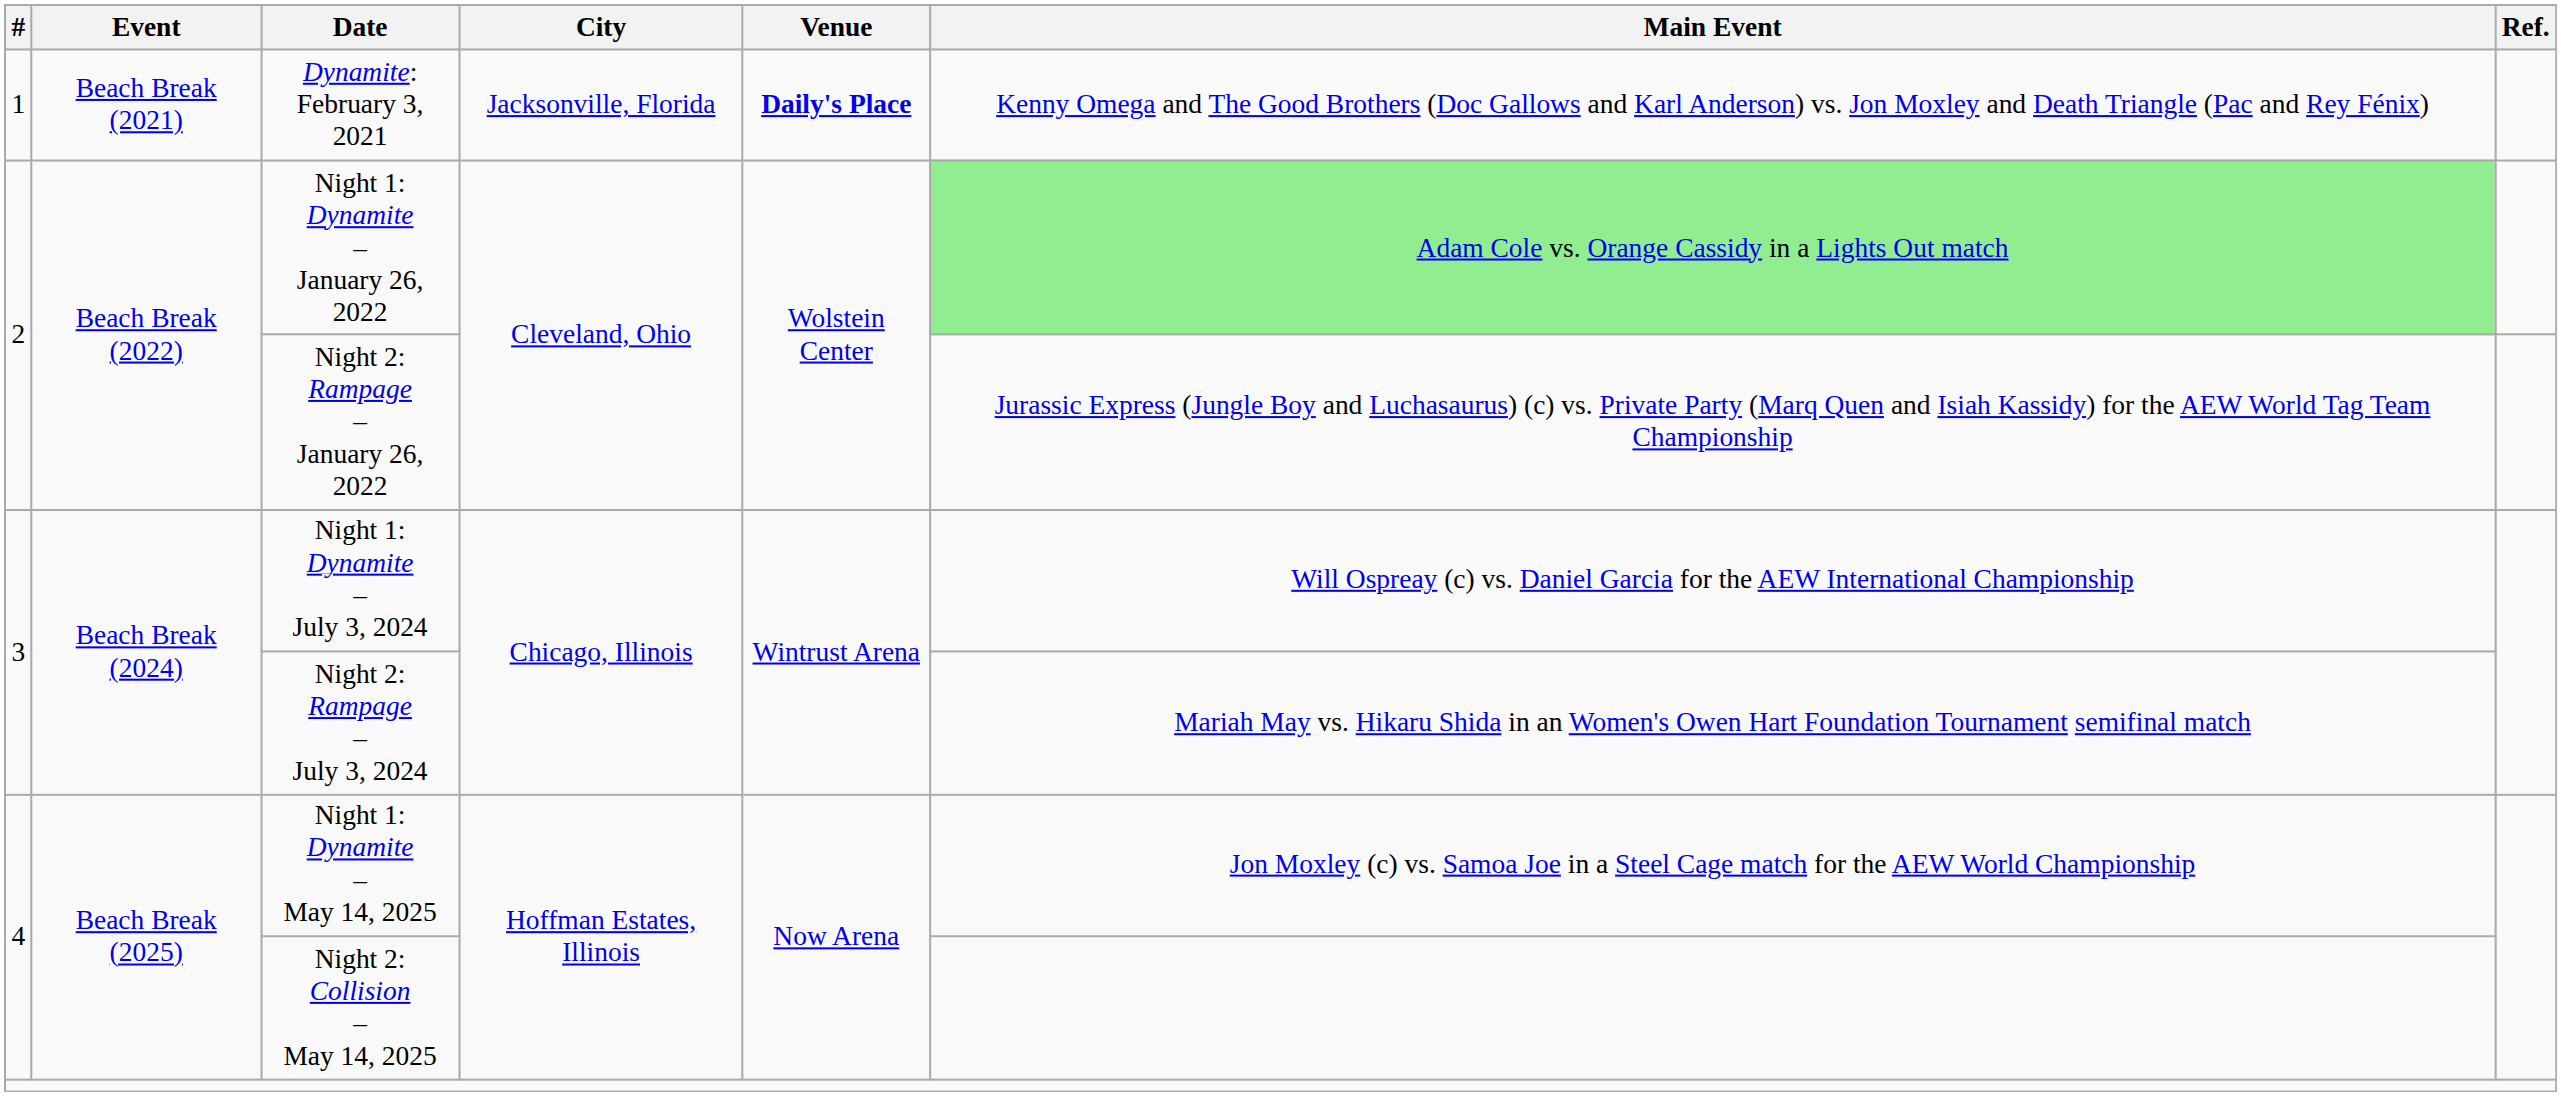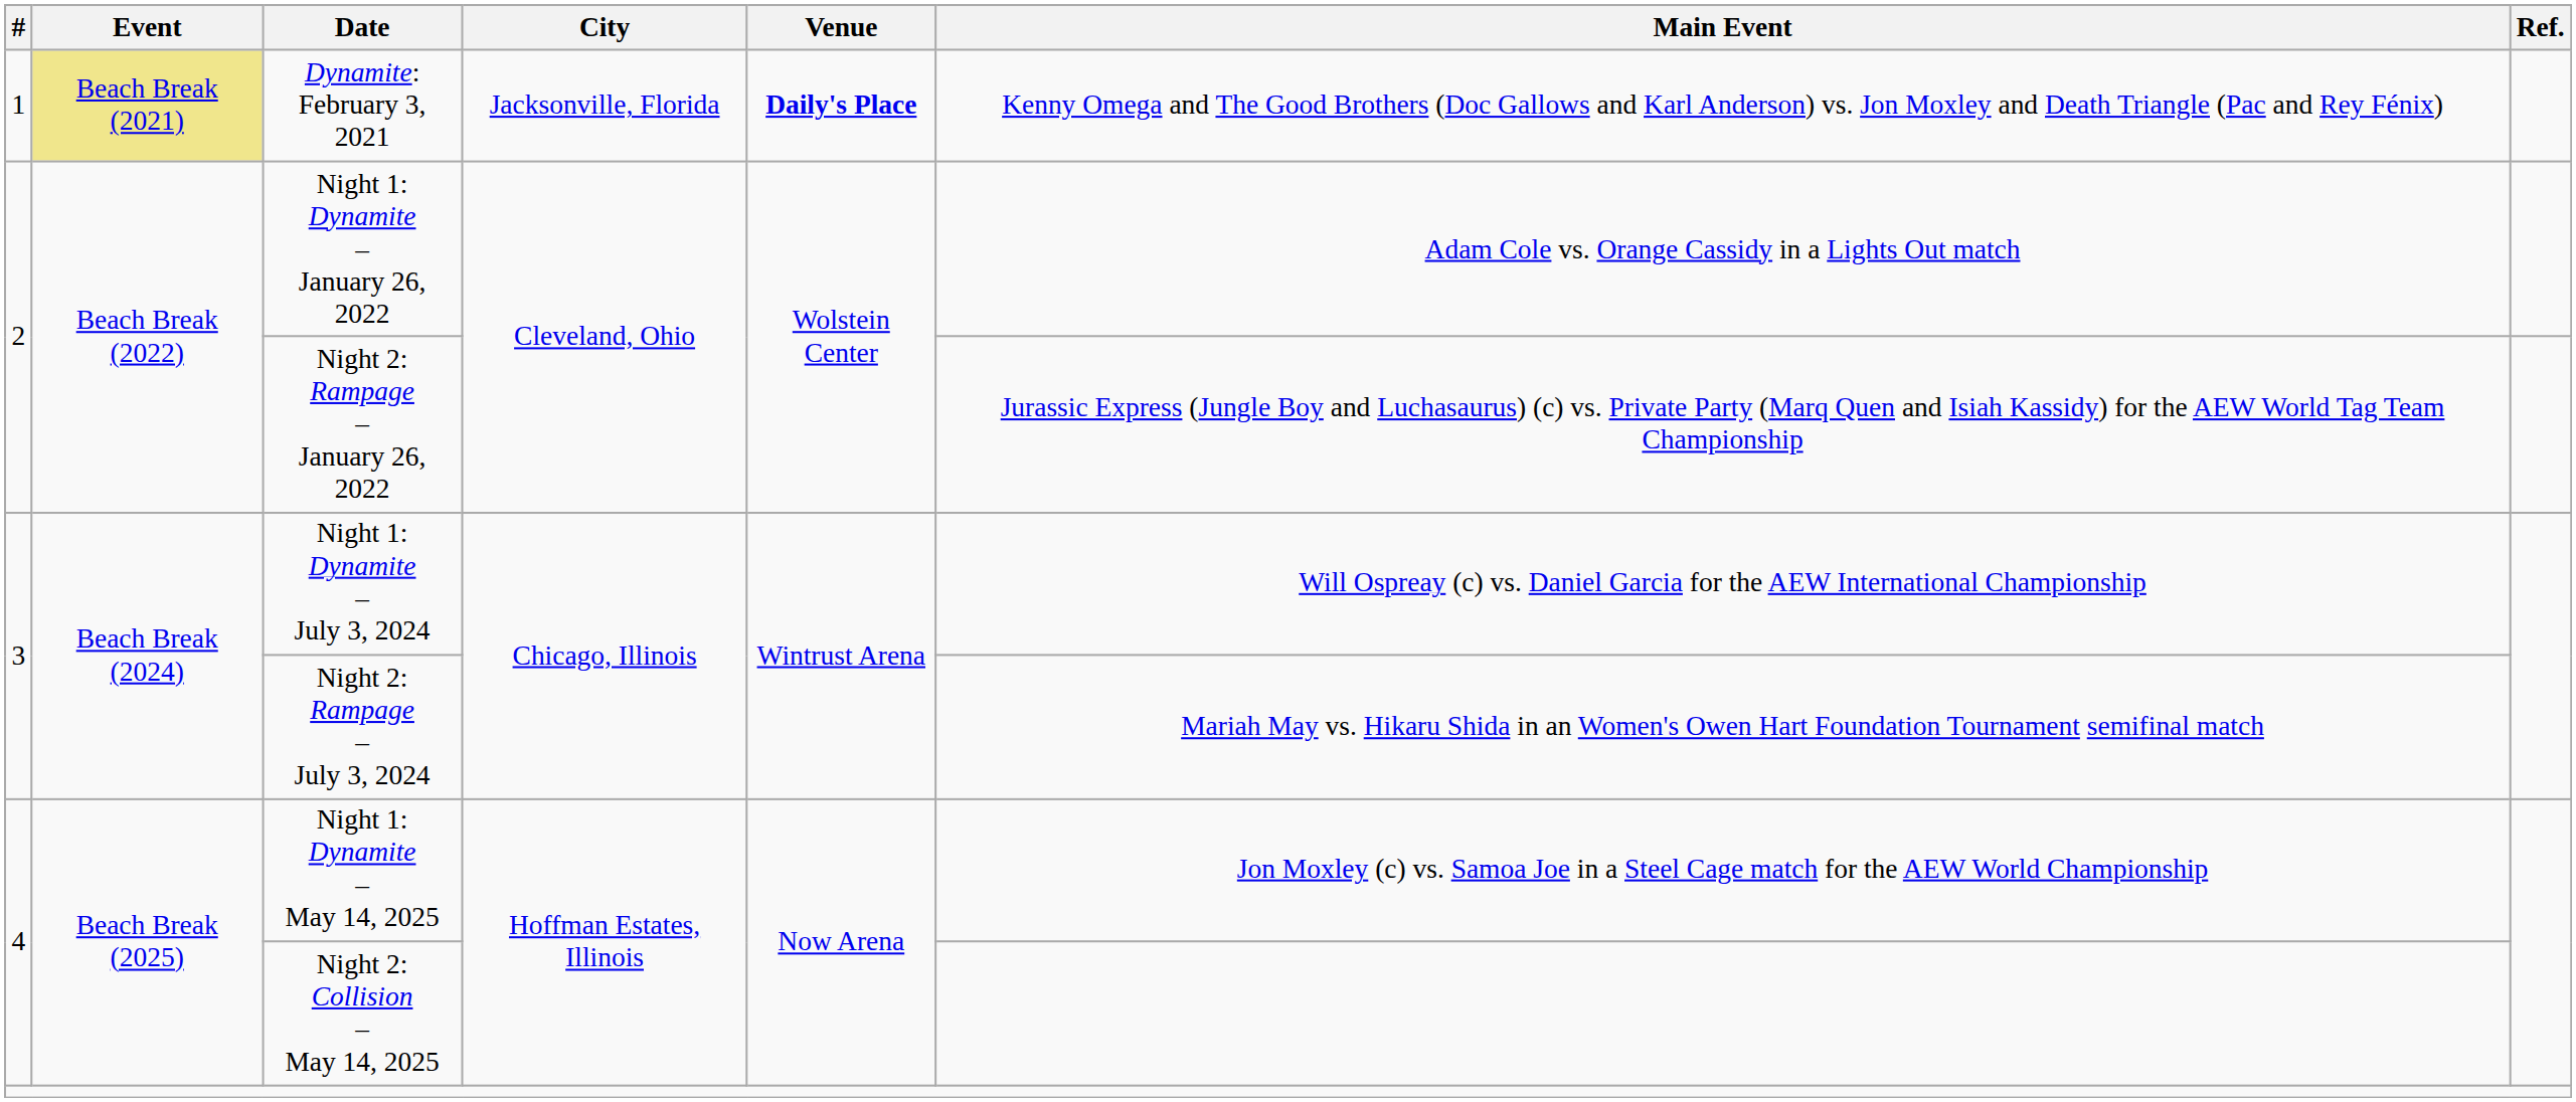 <table class="sortable wikitable succession-box" style="font-size:85%; text-align:center;" width="100%">
 <tr>
 <th>#</th>
 <th>Event</th>
 <th>Date</th>
 <th>City</th>
 <th>Venue</th>
 <th>Main Event</th>
 <th>Ref.</th>
 </tr>
 <tr>
 <td>1</td>
-<td><a href='#'>Beach Break (2021)</a></td>
+<td style="background: khaki;"><a href='#'>Beach Break (2021)</a></td>
 <td><em><a href='#'>Dynamite</a></em>:<br>February 3, 2021</td>
 <td><a href='#'>Jacksonville, Florida</a></td>
 <td><strong><a href='#'>Daily's Place</a></strong></td>
 <td><a href='#'>Kenny Omega</a> and <a href='#'>The Good Brothers</a> (<a href='#'>Doc Gallows</a> and <a href='#'>Karl Anderson</a>) vs. <a href='#'>Jon Moxley</a> and <a href='#'>Death Triangle</a> (<a href='#'>Pac</a> and <a href='#'>Rey Fénix</a>)</td>
 <td></td>
 </tr>
 <tr>
 <td rowspan="2">2</td>
 <td rowspan="2"><a href='#'>Beach Break (2022)</a></td>
 <td>Night 1:<br><em><a href='#'>Dynamite</a></em><br>–<br>January 26, 2022</td>
 <td rowspan="2"><a href='#'>Cleveland, Ohio</a></td>
 <td rowspan="2"><a href='#'>Wolstein Center</a></td>
-<td style="background: lightgreen;"><a href='#'>Adam Cole</a> vs. <a href='#'>Orange Cassidy</a> in a <a href='#'>Lights Out match</a></td>
+<td><a href='#'>Adam Cole</a> vs. <a href='#'>Orange Cassidy</a> in a <a href='#'>Lights Out match</a></td>
 <td></td>
 </tr>
 <tr>
 <td>Night 2:<br><em><a href='#'>Rampage</a></em><br>–<br>January 26, 2022<br></td>
 <td><a href='#'>Jurassic Express</a> (<a href='#'>Jungle Boy</a> and <a href='#'>Luchasaurus</a>) (c) vs. <a href='#'>Private Party</a> (<a href='#'>Marq Quen</a> and <a href='#'>Isiah Kassidy</a>) for the <a href='#'>AEW World Tag Team Championship</a></td>
 <td></td>
 </tr>
 <tr>
 <td rowspan=2>3</td>
 <td rowspan=2><a href='#'>Beach Break (2024)</a></td>
 <td>Night 1:<br><em><a href='#'>Dynamite</a></em><br>–<br>July 3, 2024</td>
 <td rowspan=2><a href='#'>Chicago, Illinois</a></td>
 <td rowspan=2><a href='#'>Wintrust Arena</a></td>
 <td><a href='#'>Will Ospreay</a> (c) vs. <a href='#'>Daniel Garcia</a> for the <a href='#'>AEW International Championship</a></td>
 <td rowspan=2></td>
 </tr>
 <tr>
 <td>Night 2:<br><em><a href='#'>Rampage</a></em><br>–<br>July 3, 2024<br></td>
 <td><a href='#'>Mariah May</a> vs. <a href='#'>Hikaru Shida</a> in an <a href='#'>Women's Owen Hart Foundation Tournament</a> <a href='#'>semifinal match</a></td>
 </tr>
 <tr>
 <td rowspan=2>4</td>
 <td rowspan=2><a href='#'>Beach Break (2025)</a></td>
 <td>Night 1:<br><em><a href='#'>Dynamite</a></em><br>–<br>May 14, 2025</td>
 <td rowspan=2><a href='#'>Hoffman Estates, Illinois</a></td>
 <td rowspan=2><a href='#'>Now Arena</a></td>
 <td><a href='#'>Jon Moxley</a> (c) vs. <a href='#'>Samoa Joe</a> in a <a href='#'>Steel Cage match</a> for the <a href='#'>AEW World Championship</a></td>
 <td rowspan=2></td>
 </tr>
 <tr>
 <td>Night 2:<br><em><a href='#'>Collision</a></em><br>–<br>May 14, 2025<br></td>
 <td></td>
 </tr>
 <tr>
 <td colspan="9"></td>
 </tr>
 <tr>
 </tr>
 </table>
